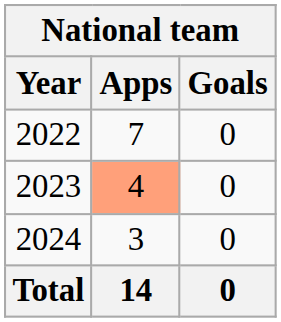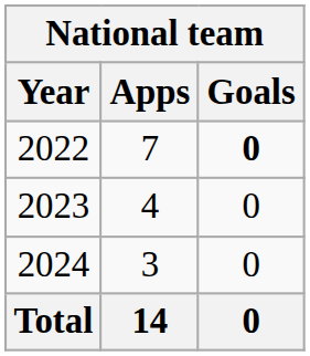 <table class="wikitable" style="text-align:center">
 <tr>
 <th colspan=3>National team</th>
 </tr>
 <tr>
 <th>Year</th>
 <th>Apps</th>
 <th>Goals</th>
 </tr>
 <tr>
 <td>2022</td>
 <td>7</td>
-<td>0</td>
+<td><strong>0</strong></td>
 </tr>
 <tr>
 <td>2023</td>
-<td style="background: lightsalmon;">4</td>
+<td>4</td>
 <td>0</td>
 </tr>
 <tr>
 <td>2024</td>
 <td>3</td>
 <td>0</td>
 </tr>
 <tr>
 <th>Total</th>
 <th>14</th>
 <th>0</th>
 </tr>
 </table>
